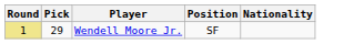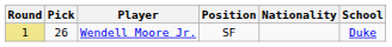 <table class="wikitable sortable sortable">
 <tr>
 <th>Round</th>
 <th>Pick</th>
 <th>Player</th>
 <th>Position</th>
 <th>Nationality</th>
+<th>School</th>
 </tr>
 <tr style="text-align: center">
 <td style="background: khaki;">1</td>
-<td>29</td>
+<td>26</td>
 <td><a href='#'>Wendell Moore Jr.</a></td>
 <td>SF</td>
 <td></td>
+<td><a href='#'>Duke</a></td>
 </tr>
 </table>
